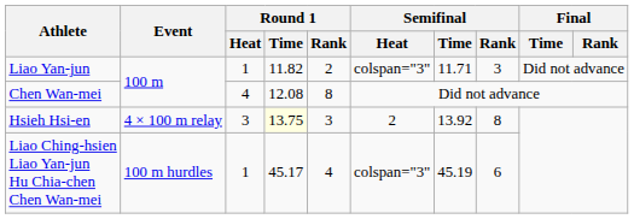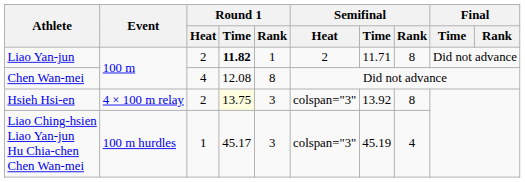 <table class="wikitable" style="text-align:center; font-size:90%">
 <tr>
 <th rowspan="2">Athlete</th>
 <th rowspan="2">Event</th>
 <th colspan="3">Round 1</th>
 <th colspan="3">Semifinal</th>
 <th colspan="2">Final</th>
 </tr>
 <tr>
 <th>Heat</th>
 <th>Time</th>
 <th>Rank</th>
 <th>Heat</th>
 <th>Time</th>
 <th>Rank</th>
 <th>Time</th>
 <th>Rank</th>
 </tr>
 <tr>
 <td align="left"><a href='#'>Liao Yan-jun</a></td>
 <td align="left" rowspan="2"><a href='#'>100 m</a></td>
-<td>1</td>
-<td>11.82</td>
-<td>2 <strong></strong></td>
-<td>colspan="3" </td>
+<td>2</td>
+<td><strong>11.82</strong></td>
+<td>1 <strong></strong></td>
+<td>2</td>
 <td>11.71</td>
-<td>3</td>
+<td>8</td>
 <td colspan="2">Did not advance</td>
 </tr>
 <tr>
 <td align="left"><a href='#'>Chen Wan-mei</a></td>
 <td>4</td>
 <td>12.08</td>
 <td>8</td>
 <td colspan="5">Did not advance</td>
 </tr>
 <tr>
 <td align="left"><a href='#'>Hsieh Hsi-en</a></td>
 <td align="left"><a href='#'>4 × 100 m relay</a></td>
-<td>3</td>
+<td>2</td>
 <td style="background: lightyellow;">13.75</td>
 <td>3 <strong></strong></td>
-<td>2</td>
+<td>colspan="3" </td>
 <td>13.92</td>
 <td>8</td>
 </tr>
 <tr>
 <td align="left"><a href='#'>Liao Ching-hsien</a><br><a href='#'>Liao Yan-jun</a><br><a href='#'>Hu Chia-chen</a><br><a href='#'>Chen Wan-mei</a></td>
 <td align="left"><a href='#'>100 m hurdles</a></td>
 <td>1</td>
 <td>45.17</td>
-<td>4 <strong></strong></td>
+<td>3 <strong></strong></td>
 <td>colspan="3" </td>
 <td>45.19</td>
-<td>6</td>
+<td>4</td>
 </tr>
 </table>
